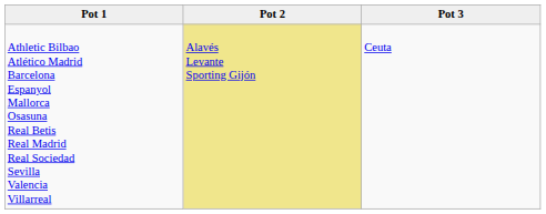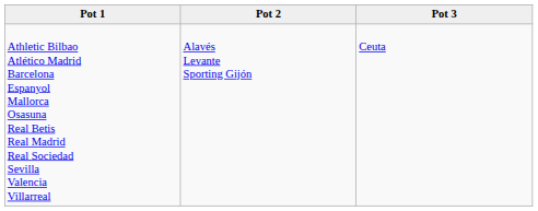 <table class="wikitable" style="font-size:90%">
 <tr bgcolor=#efefef align=center>
 <td width=15%><strong>Pot 1</strong><br></td>
 <td width=15%><strong>Pot 2</strong><br></td>
 <td width=15%><strong>Pot 3</strong><br></td>
 </tr>
 <tr valign=top>
 <td><br><a href='#'>Athletic Bilbao</a><br> <a href='#'>Atlético Madrid</a><br> <a href='#'>Barcelona</a><br> <a href='#'>Espanyol</a><br> <a href='#'>Mallorca</a><br> <a href='#'>Osasuna</a><br> <a href='#'>Real Betis</a><br> <a href='#'>Real Madrid</a><br> <a href='#'>Real Sociedad</a><br> <a href='#'>Sevilla</a><br> <a href='#'>Valencia</a><br> <a href='#'>Villarreal</a><br></td>
-<td style="background: khaki;"><br><a href='#'>Alavés</a><br> <a href='#'>Levante</a><br> <a href='#'>Sporting Gijón</a></td>
+<td><br><a href='#'>Alavés</a><br> <a href='#'>Levante</a><br> <a href='#'>Sporting Gijón</a></td>
 <td><br><a href='#'>Ceuta</a></td>
 </tr>
 </table>
